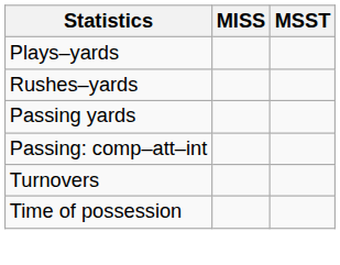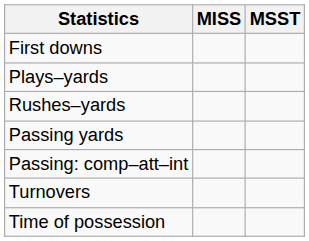 <table class="wikitable" style="float:left">
 <tr>
 <th>Statistics</th>
 <th>MISS</th>
 <th>MSST</th>
+</tr>
+<tr>
+<td>First downs</td>
+<td></td>
+<td></td>
 </tr>
 <tr>
 <td>Plays–yards</td>
 <td></td>
 <td></td>
 </tr>
 <tr>
 <td>Rushes–yards</td>
 <td></td>
 <td></td>
 </tr>
 <tr>
 <td>Passing yards</td>
 <td></td>
 <td></td>
 </tr>
 <tr>
 <td>Passing: comp–att–int</td>
 <td></td>
 <td></td>
 </tr>
 <tr>
 <td>Turnovers</td>
 <td></td>
 <td></td>
 </tr>
 <tr>
 <td>Time of possession</td>
 <td></td>
 <td></td>
 </tr>
 </table>
